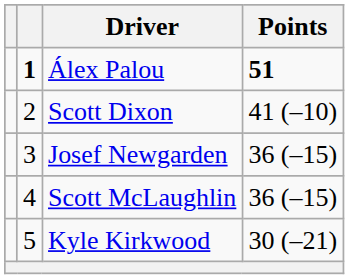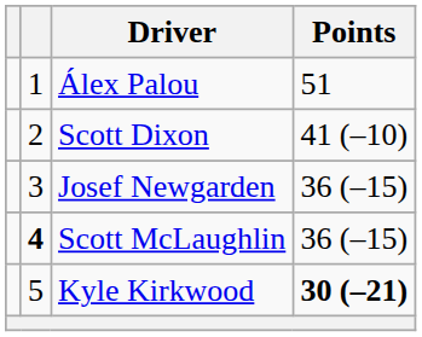 <table class="wikitable" style="font-size: 95%;">
 <tr>
 <th scope="col"></th>
 <th scope="col"></th>
 <th scope="col">Driver</th>
 <th scope="col">Points</th>
 </tr>
 <tr>
 <td align="left"></td>
-<td align="center"><strong>1</strong></td>
+<td align="center">1</td>
 <td> <a href='#'>Álex Palou</a></td>
-<td align="left"><strong>51</strong></td>
+<td align="left">51</td>
 </tr>
 <tr>
 <td align="left"></td>
 <td align="center">2</td>
 <td> <a href='#'>Scott Dixon</a></td>
 <td align="left">41 (–10)</td>
 </tr>
 <tr>
 <td align="left"></td>
 <td align="center">3</td>
 <td> <a href='#'>Josef Newgarden</a></td>
 <td align="left">36 (–15)</td>
 </tr>
 <tr>
 <td align="left"></td>
-<td align="center">4</td>
+<td align="center"><strong>4</strong></td>
 <td> <a href='#'>Scott McLaughlin</a></td>
 <td align="left">36 (–15)</td>
 </tr>
 <tr>
 <td align="left"></td>
 <td align="center">5</td>
 <td> <a href='#'>Kyle Kirkwood</a></td>
-<td align="left">30 (–21)</td>
+<td align="left"><strong>30 (–21)</strong></td>
 </tr>
 <tr>
 <th colspan=4></th>
 </tr>
 </table>
